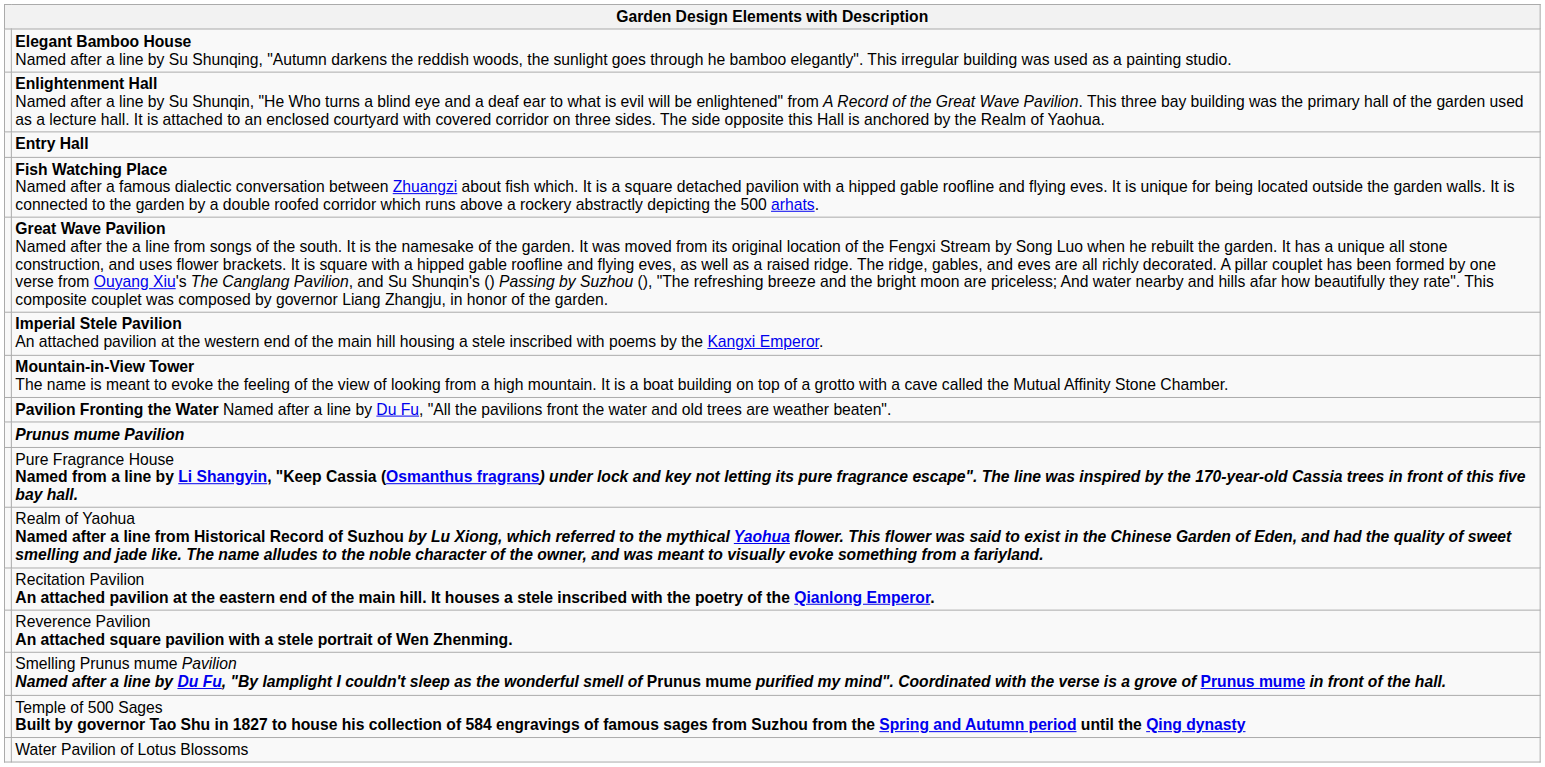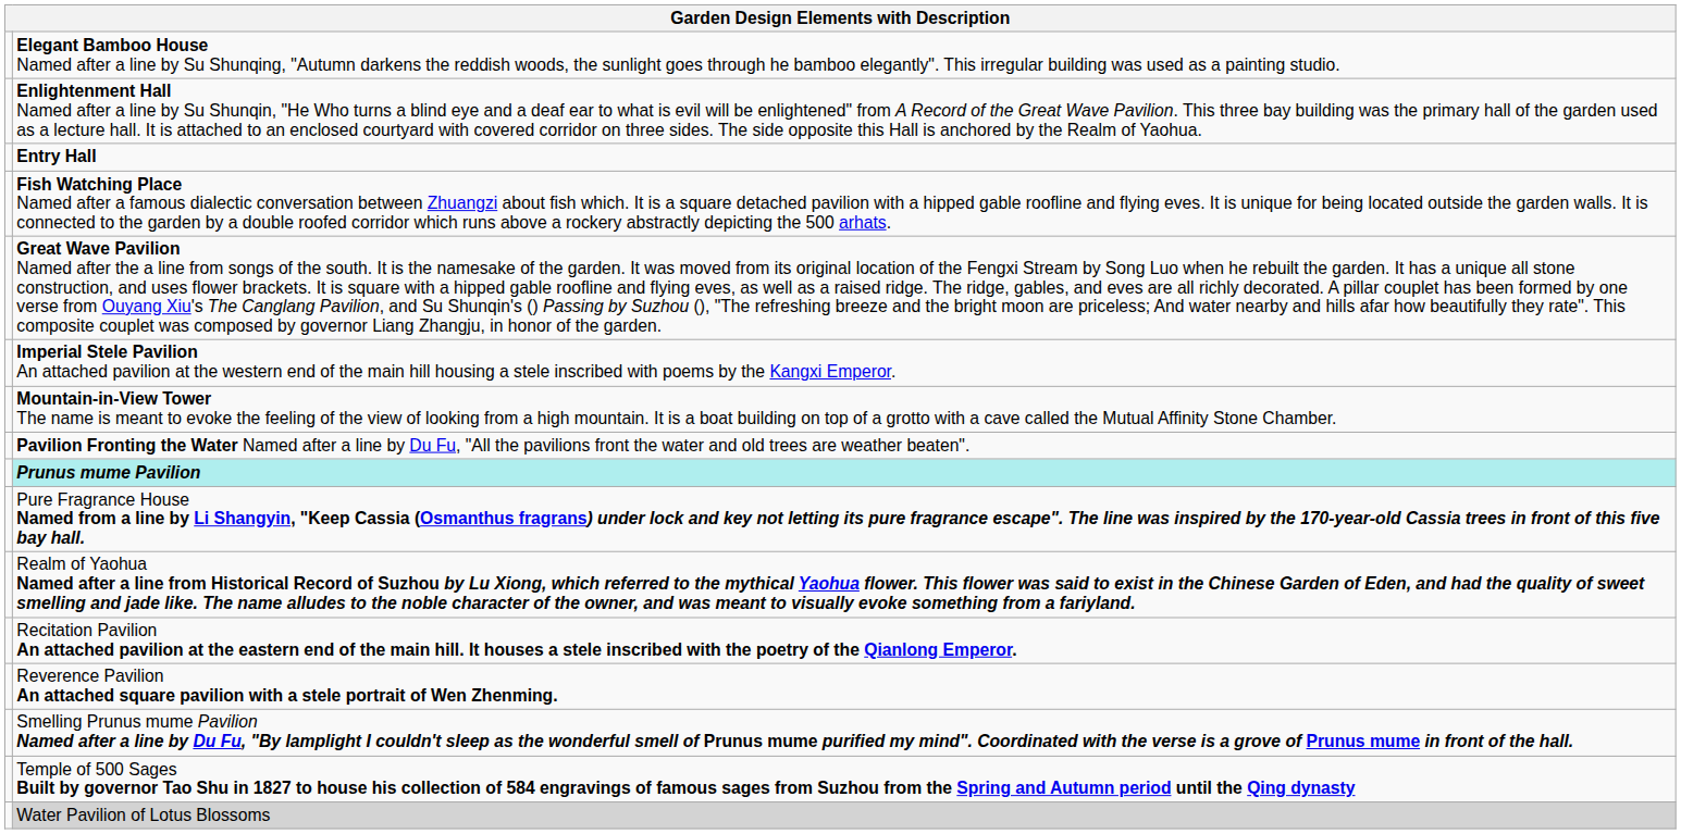 <table class="wikitable collapsible collapsed">
 <tr>
 <th colspan="2">Garden Design Elements with Description</th>
 </tr>
 <tr ->
 <td align="center"></td>
 <td><strong>Elegant Bamboo House</strong><br>Named after a line by Su Shunqing, "Autumn darkens the reddish woods, the sunlight goes through he bamboo elegantly". This irregular building was used as a painting studio.</td>
 </tr>
 <tr ->
 <td align="center"></td>
 <td><strong>Enlightenment Hall</strong><br>Named after a line by Su Shunqin, "He Who turns a blind eye and a deaf ear to what is evil will be enlightened" from <em>A Record of the Great Wave Pavilion</em>. This three bay building was the primary hall of the garden used as a lecture hall. It is attached to an enclosed courtyard with covered corridor on three sides. The side opposite this Hall is anchored by the Realm of Yaohua.</td>
 </tr>
 <tr ->
 <td align="center"></td>
 <td><strong>Entry Hall</strong></td>
 </tr>
 <tr ->
 <td align="center"></td>
 <td><strong>Fish Watching Place</strong><br>Named after a famous dialectic conversation between <a href='#'>Zhuangzi</a> about fish which. It is a square detached pavilion with a hipped gable roofline and flying eves. It is unique for being located outside the garden walls. It is connected to the garden by a double roofed corridor which runs above a rockery abstractly depicting the 500 <a href='#'>arhats</a>.</td>
 </tr>
 <tr ->
 <td align="center"></td>
 <td><strong>Great Wave Pavilion</strong><br>Named after the a line from songs of the south. It is the namesake of the garden. It was moved from its original location of the Fengxi Stream by Song Luo when he rebuilt the garden. It has a unique all stone construction, and uses flower brackets. It is square with a hipped gable roofline and flying eves, as well as a raised ridge. The ridge, gables, and eves are all richly decorated. A pillar couplet has been formed by one verse from <a href='#'>Ouyang Xiu</a>'s <em>The Canglang Pavilion</em>, and Su Shunqin's () <em>Passing by Suzhou</em> (), "The refreshing breeze and the bright moon are priceless; And water nearby and hills afar how beautifully they rate". This composite couplet was composed by governor Liang Zhangju, in honor of the garden.</td>
 </tr>
 <tr ->
 <td align="center"></td>
 <td><strong>Imperial Stele Pavilion</strong><br>An attached pavilion at the western end of the main hill housing a stele inscribed with poems by the <a href='#'>Kangxi Emperor</a>.</td>
 </tr>
 <tr ->
 <td align="center"></td>
 <td><strong>Mountain-in-View Tower</strong><br>The name is meant to evoke the feeling of the view of looking from a high mountain.  It is a boat building on top of a grotto with a cave called the Mutual Affinity Stone Chamber.</td>
 </tr>
 <tr ->
 <td align="center"></td>
 <td><strong>Pavilion Fronting the Water</strong> Named after a line by <a href='#'>Du Fu</a>, "All the pavilions front the water and old trees are weather beaten".</td>
 </tr>
 <tr ->
 <td align="center"></td>
-<td><strong><em>Prunus mume<em> Pavilion<strong></td>
+<td style="background: paleturquoise;"><strong><em>Prunus mume<em> Pavilion<strong></td>
 </tr>
 <tr ->
 <td align="center"></td>
 <td></strong>Pure Fragrance House<strong><br>Named from a line by <a href='#'>Li Shangyin</a>, "Keep Cassia (</em><a href='#'>Osmanthus fragrans</a><em>) under lock and key not letting its pure fragrance escape". The line was inspired by the 170-year-old Cassia trees in front of this five bay hall.</td>
 </tr>
 <tr ->
 <td align="center"></td>
 <td></strong>Realm of Yaohua<strong><br>Named after a line from </em>Historical Record of Suzhou<em> by Lu Xiong, which referred to the mythical <a href='#'>Yaohua</a> flower. This flower was said to exist in the Chinese Garden of Eden, and had the quality of sweet smelling and jade like. The name alludes to the noble character of the owner, and was meant to visually evoke something from a fariyland.</td>
 </tr>
 <tr ->
 <td align="center"></td>
 <td></strong>Recitation Pavilion<strong><br>An attached pavilion at the eastern end of the main hill. It houses a stele inscribed with the poetry of the <a href='#'>Qianlong Emperor</a>.</td>
 </tr>
 <tr ->
 <td align="center"></td>
 <td></strong>Reverence Pavilion<strong><br>An attached square pavilion with a stele portrait of Wen Zhenming.</td>
 </tr>
 <tr ->
 <td align="center"></td>
 <td></strong>Smelling </em>Prunus mume<em> Pavilion<strong><br>Named after a line by <a href='#'>Du Fu</a>, "By lamplight I couldn't sleep as the wonderful smell of </em>Prunus mume<em> purified my mind". Coordinated with the verse is a grove of </em><a href='#'>Prunus mume</a><em> in front of the hall.</td>
 </tr>
 <tr ->
 <td align="center"></td>
 <td></strong>Temple of 500 Sages<strong><br>Built by governor Tao Shu in 1827 to house his collection of 584 engravings of famous sages from Suzhou from the <a href='#'>Spring and Autumn period</a> until the <a href='#'>Qing dynasty</a></td>
 </tr>
 <tr ->
 <td align="center"></td>
-<td></strong>Water Pavilion of Lotus Blossoms<strong></td>
+<td style="background: lightgrey;"></strong>Water Pavilion of Lotus Blossoms<strong></td>
 </tr>
 </table>
